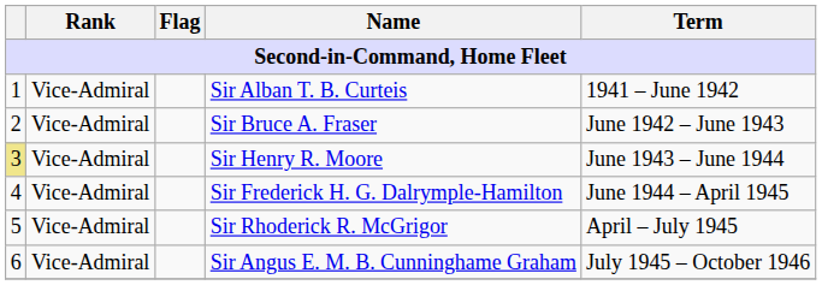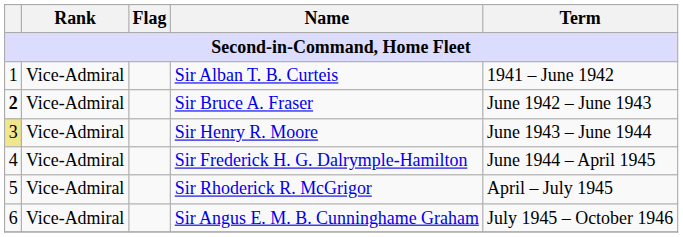 <table class="wikitable">
 <tr>
 <th></th>
 <th>Rank</th>
 <th>Flag</th>
 <th>Name</th>
 <th>Term</th>
 </tr>
 <tr>
 <td colspan="5" align="center" style="background:#dcdcfe;"><strong>Second-in-Command, Home Fleet</strong></td>
 </tr>
 <tr>
 <td>1</td>
 <td>Vice-Admiral</td>
 <td></td>
 <td><a href='#'>Sir Alban T. B. Curteis</a></td>
 <td>1941 – June 1942</td>
 </tr>
 <tr>
-<td>2</td>
+<td><strong>2</strong></td>
 <td>Vice-Admiral</td>
 <td></td>
 <td><a href='#'>Sir Bruce A. Fraser</a></td>
 <td>June 1942 – June 1943</td>
 </tr>
 <tr>
 <td style="background: khaki;">3</td>
 <td>Vice-Admiral</td>
 <td></td>
 <td><a href='#'>Sir Henry R. Moore</a></td>
 <td>June 1943 – June 1944</td>
 </tr>
 <tr>
 <td>4</td>
 <td>Vice-Admiral</td>
 <td></td>
 <td><a href='#'>Sir Frederick H. G. Dalrymple-Hamilton</a></td>
 <td>June 1944 – April 1945</td>
 </tr>
 <tr>
 <td>5</td>
 <td>Vice-Admiral</td>
 <td></td>
 <td><a href='#'>Sir Rhoderick R. McGrigor</a></td>
 <td>April – July 1945</td>
 </tr>
 <tr>
 <td>6</td>
 <td>Vice-Admiral</td>
 <td></td>
 <td><a href='#'>Sir Angus E. M. B. Cunninghame Graham</a></td>
 <td>July 1945 – October 1946</td>
 </tr>
 <tr>
 </tr>
 </table>
